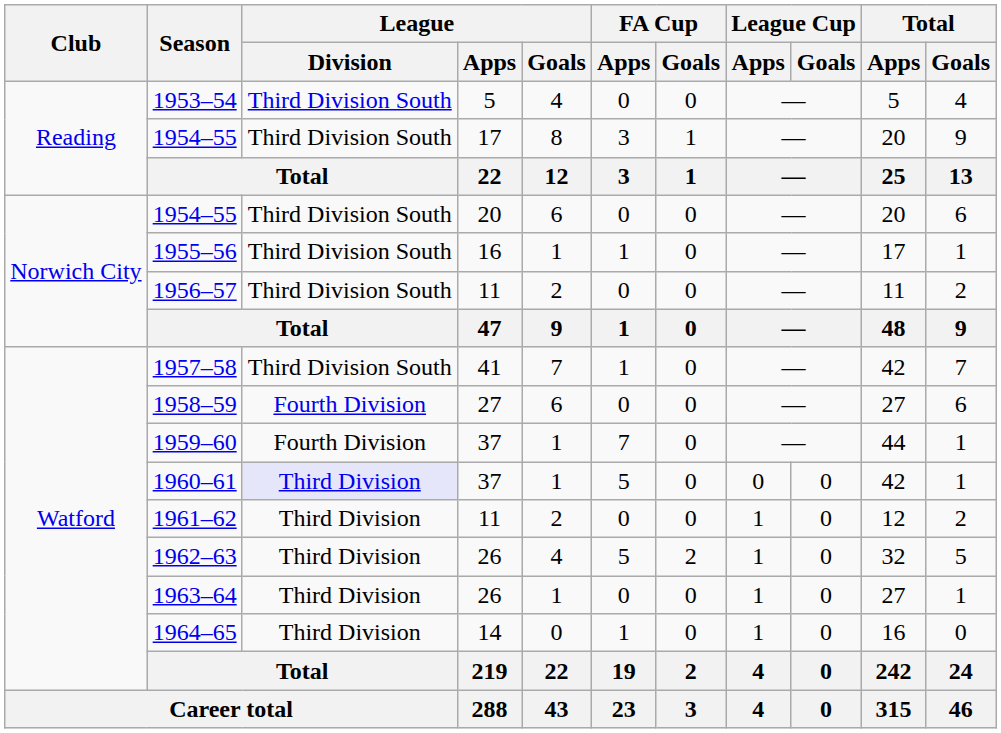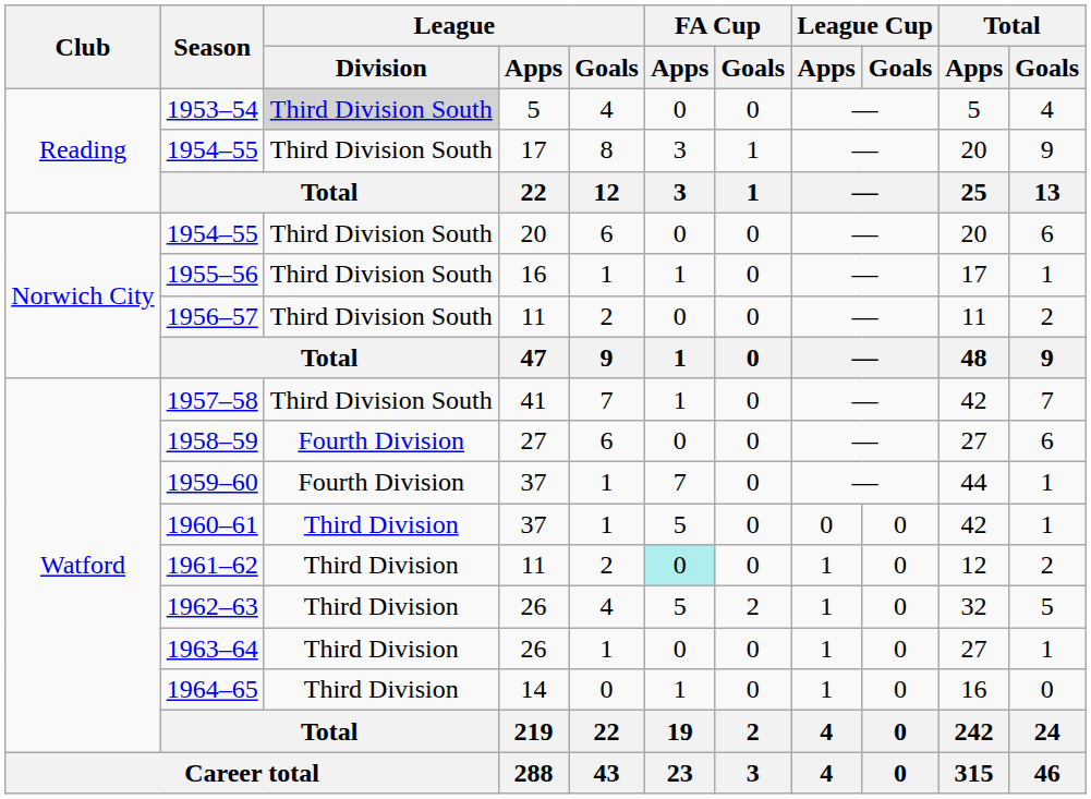 <table class="wikitable" style="text-align:center">
 <tr>
 <th rowspan="2">Club</th>
 <th rowspan="2">Season</th>
 <th colspan="3">League</th>
 <th colspan="2">FA Cup</th>
 <th colspan="2">League Cup</th>
 <th colspan="2">Total</th>
 </tr>
 <tr>
 <th>Division</th>
 <th>Apps</th>
 <th>Goals</th>
 <th>Apps</th>
 <th>Goals</th>
 <th>Apps</th>
 <th>Goals</th>
 <th>Apps</th>
 <th>Goals</th>
 </tr>
 <tr>
 <td rowspan="3"><a href='#'>Reading</a></td>
 <td><a href='#'>1953–54</a></td>
-<td><a href='#'>Third Division South</a></td>
+<td style="background: lightgrey;"><a href='#'>Third Division South</a></td>
 <td>5</td>
 <td>4</td>
 <td>0</td>
 <td>0</td>
 <td colspan="2">—</td>
 <td>5</td>
 <td>4</td>
 </tr>
 <tr>
 <td><a href='#'>1954–55</a></td>
 <td>Third Division South</td>
 <td>17</td>
 <td>8</td>
 <td>3</td>
 <td>1</td>
 <td colspan="2">—</td>
 <td>20</td>
 <td>9</td>
 </tr>
 <tr>
 <th colspan="2">Total</th>
 <th>22</th>
 <th>12</th>
 <th>3</th>
 <th>1</th>
 <th colspan="2">—</th>
 <th>25</th>
 <th>13</th>
 </tr>
 <tr>
 <td rowspan="4"><a href='#'>Norwich City</a></td>
 <td><a href='#'>1954–55</a></td>
 <td>Third Division South</td>
 <td>20</td>
 <td>6</td>
 <td>0</td>
 <td>0</td>
 <td colspan="2">—</td>
 <td>20</td>
 <td>6</td>
 </tr>
 <tr>
 <td><a href='#'>1955–56</a></td>
 <td>Third Division South</td>
 <td>16</td>
 <td>1</td>
 <td>1</td>
 <td>0</td>
 <td colspan="2">—</td>
 <td>17</td>
 <td>1</td>
 </tr>
 <tr>
 <td><a href='#'>1956–57</a></td>
 <td>Third Division South</td>
 <td>11</td>
 <td>2</td>
 <td>0</td>
 <td>0</td>
 <td colspan="2">—</td>
 <td>11</td>
 <td>2</td>
 </tr>
 <tr>
 <th colspan="2">Total</th>
 <th>47</th>
 <th>9</th>
 <th>1</th>
 <th>0</th>
 <th colspan="2">—</th>
 <th>48</th>
 <th>9</th>
 </tr>
 <tr>
 <td rowspan="9"><a href='#'>Watford</a></td>
 <td><a href='#'>1957–58</a></td>
 <td>Third Division South</td>
 <td>41</td>
 <td>7</td>
 <td>1</td>
 <td>0</td>
 <td colspan="2">—</td>
 <td>42</td>
 <td>7</td>
 </tr>
 <tr>
 <td><a href='#'>1958–59</a></td>
 <td><a href='#'>Fourth Division</a></td>
 <td>27</td>
 <td>6</td>
 <td>0</td>
 <td>0</td>
 <td colspan="2">—</td>
 <td>27</td>
 <td>6</td>
 </tr>
 <tr>
 <td><a href='#'>1959–60</a></td>
 <td>Fourth Division</td>
 <td>37</td>
 <td>1</td>
 <td>7</td>
 <td>0</td>
 <td colspan="2">—</td>
 <td>44</td>
 <td>1</td>
 </tr>
 <tr>
 <td><a href='#'>1960–61</a></td>
-<td style="background: lavender;"><a href='#'>Third Division</a></td>
+<td><a href='#'>Third Division</a></td>
 <td>37</td>
 <td>1</td>
 <td>5</td>
 <td>0</td>
 <td>0</td>
 <td>0</td>
 <td>42</td>
 <td>1</td>
 </tr>
 <tr>
 <td><a href='#'>1961–62</a></td>
 <td>Third Division</td>
 <td>11</td>
 <td>2</td>
-<td>0</td>
+<td style="background: paleturquoise;">0</td>
 <td>0</td>
 <td>1</td>
 <td>0</td>
 <td>12</td>
 <td>2</td>
 </tr>
 <tr>
 <td><a href='#'>1962–63</a></td>
 <td>Third Division</td>
 <td>26</td>
 <td>4</td>
 <td>5</td>
 <td>2</td>
 <td>1</td>
 <td>0</td>
 <td>32</td>
 <td>5</td>
 </tr>
 <tr>
 <td><a href='#'>1963–64</a></td>
 <td>Third Division</td>
 <td>26</td>
 <td>1</td>
 <td>0</td>
 <td>0</td>
 <td>1</td>
 <td>0</td>
 <td>27</td>
 <td>1</td>
 </tr>
 <tr>
 <td><a href='#'>1964–65</a></td>
 <td>Third Division</td>
 <td>14</td>
 <td>0</td>
 <td>1</td>
 <td>0</td>
 <td>1</td>
 <td>0</td>
 <td>16</td>
 <td>0</td>
 </tr>
 <tr>
 <th colspan="2">Total</th>
 <th>219</th>
 <th>22</th>
 <th>19</th>
 <th>2</th>
 <th>4</th>
 <th>0</th>
 <th>242</th>
 <th>24</th>
 </tr>
 <tr>
 <th colspan="3">Career total</th>
 <th>288</th>
 <th>43</th>
 <th>23</th>
 <th>3</th>
 <th>4</th>
 <th>0</th>
 <th>315</th>
 <th>46</th>
 </tr>
 </table>
